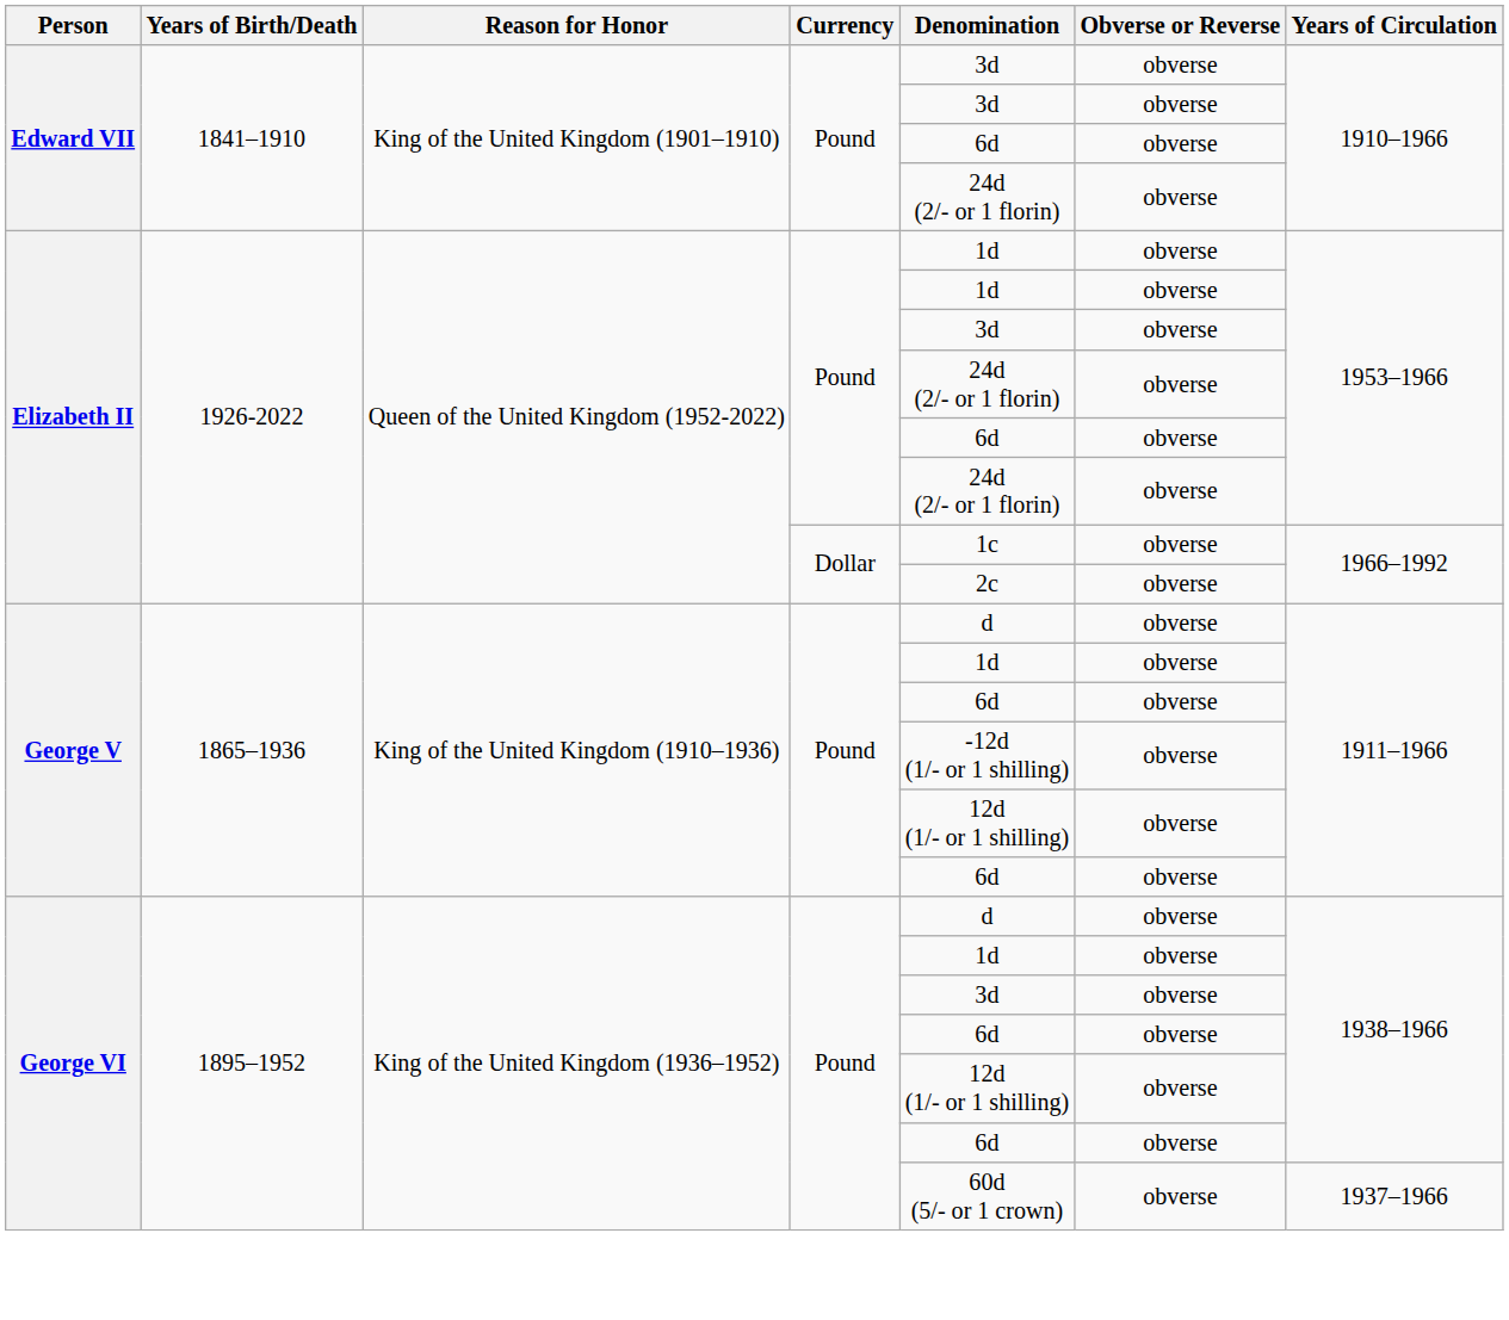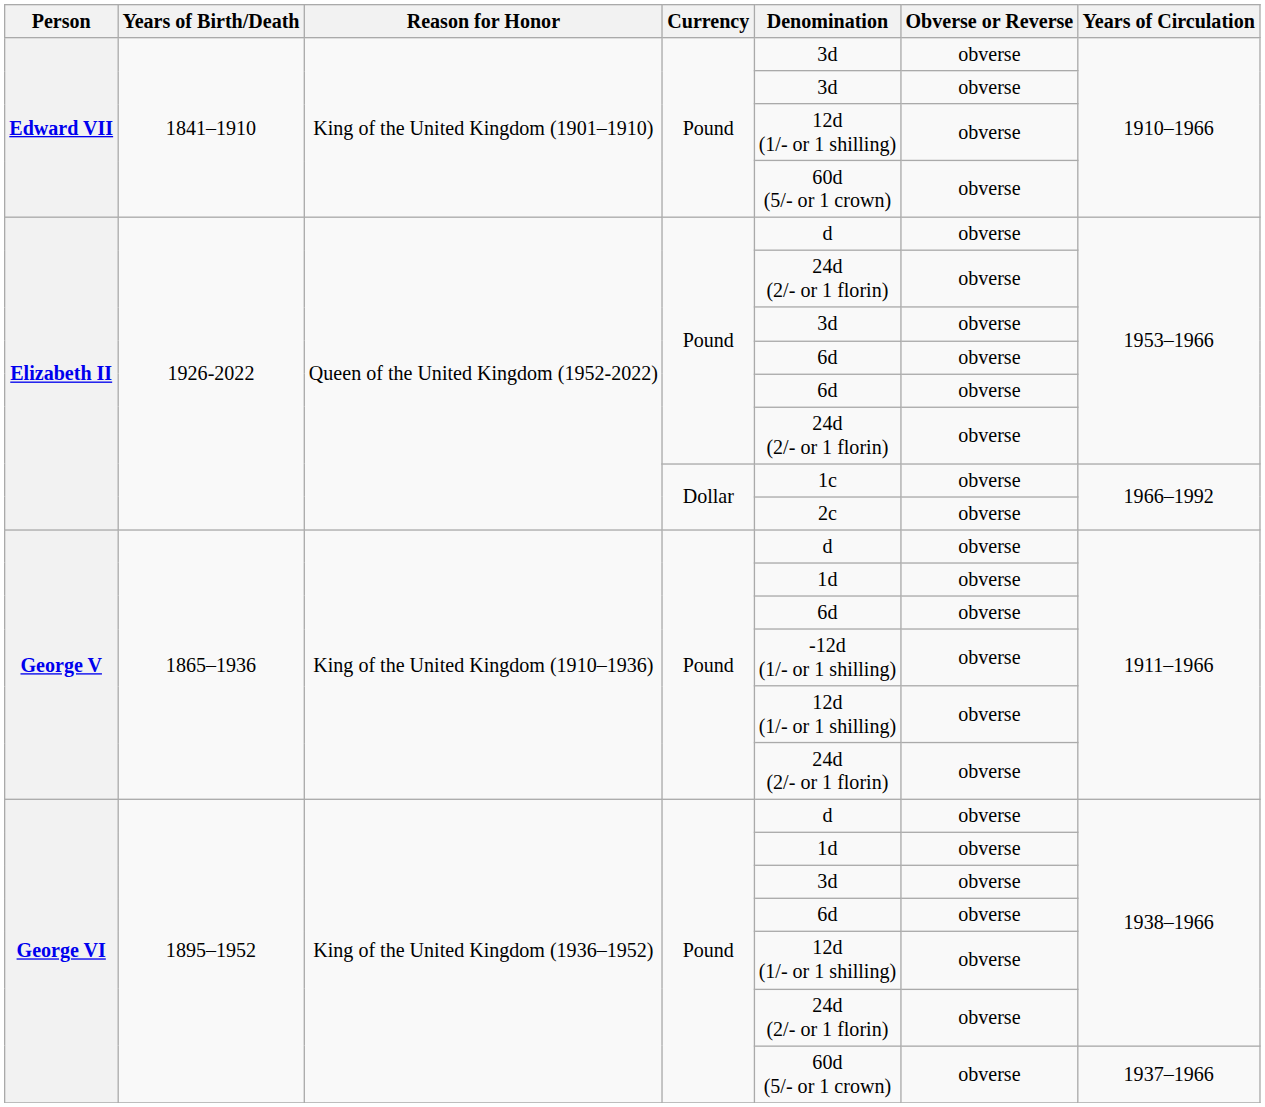 <table class="wikitable" style="font-size:95%; text-align:center;">
 <tr>
 <th>Person</th>
 <th>Years of Birth/Death</th>
 <th>Reason for Honor</th>
 <th>Currency</th>
 <th>Denomination</th>
 <th>Obverse or Reverse</th>
 <th>Years of Circulation</th>
 </tr>
 <tr>
 <th rowspan="4"><a href='#'>Edward VII</a></th>
 <td rowspan="4">1841–1910</td>
 <td rowspan="4">King of the United Kingdom (1901–1910)</td>
 <td rowspan="4">Pound</td>
 <td>3d</td>
 <td>obverse</td>
 <td rowspan="4">1910–1966</td>
 </tr>
 <tr>
 <td>3d</td>
 <td>obverse</td>
 </tr>
 <tr>
-<td>6d</td>
+<td>12d<br>(1/- or 1 shilling)</td>
 <td>obverse</td>
 </tr>
 <tr>
-<td>24d<br>(2/- or 1 florin)</td>
+<td>60d<br>(5/- or 1 crown)</td>
 <td>obverse</td>
 </tr>
 <tr>
 <th rowspan="8"><a href='#'>Elizabeth II</a></th>
 <td rowspan="8">1926-2022</td>
 <td rowspan="8">Queen of the United Kingdom (1952-2022)</td>
 <td rowspan="6">Pound</td>
-<td>1d</td>
+<td><small></small>d</td>
 <td>obverse</td>
 <td rowspan="6">1953–1966</td>
 </tr>
 <tr>
-<td>1d</td>
+<td>24d<br>(2/- or 1 florin)</td>
 <td>obverse</td>
 </tr>
 <tr>
 <td>3d</td>
 <td>obverse</td>
 </tr>
 <tr>
-<td>24d<br>(2/- or 1 florin)</td>
+<td>6d</td>
 <td>obverse</td>
 </tr>
 <tr>
 <td>6d</td>
 <td>obverse</td>
 </tr>
 <tr>
 <td>24d<br>(2/- or 1 florin)</td>
 <td>obverse</td>
 </tr>
 <tr>
 <td rowspan="2">Dollar</td>
 <td>1c</td>
 <td>obverse</td>
 <td rowspan="2">1966–1992</td>
 </tr>
 <tr>
 <td>2c</td>
 <td>obverse</td>
 </tr>
 <tr>
 <th rowspan="6"><a href='#'>George V</a></th>
 <td rowspan="6">1865–1936</td>
 <td rowspan="6">King of the United Kingdom (1910–1936)</td>
 <td rowspan="6">Pound</td>
 <td><small></small>d</td>
 <td>obverse</td>
 <td rowspan="6">1911–1966</td>
 </tr>
 <tr>
 <td>1d</td>
 <td>obverse</td>
 </tr>
 <tr>
 <td>6d</td>
 <td>obverse</td>
 </tr>
 <tr>
 <td>-12d<br>(1/- or 1 shilling)</td>
 <td>obverse</td>
 </tr>
 <tr>
 <td>12d<br>(1/- or 1 shilling)</td>
 <td>obverse</td>
 </tr>
 <tr>
-<td>6d</td>
+<td>24d<br>(2/- or 1 florin)</td>
 <td>obverse</td>
 </tr>
 <tr>
 <th rowspan="7"><a href='#'>George VI</a></th>
 <td rowspan="7">1895–1952</td>
 <td rowspan="7">King of the United Kingdom (1936–1952)</td>
 <td rowspan="7">Pound</td>
 <td><small></small>d</td>
 <td>obverse</td>
 <td rowspan="6">1938–1966</td>
 </tr>
 <tr>
 <td>1d</td>
 <td>obverse</td>
 </tr>
 <tr>
 <td>3d</td>
 <td>obverse</td>
 </tr>
 <tr>
 <td>6d</td>
 <td>obverse</td>
 </tr>
 <tr>
 <td>12d<br>(1/- or 1 shilling)</td>
 <td>obverse</td>
 </tr>
 <tr>
-<td>6d</td>
+<td>24d<br>(2/- or 1 florin)</td>
 <td>obverse</td>
 </tr>
 <tr>
 <td>60d<br>(5/- or 1 crown)</td>
 <td>obverse</td>
 <td>1937–1966</td>
 </tr>
 </table>
